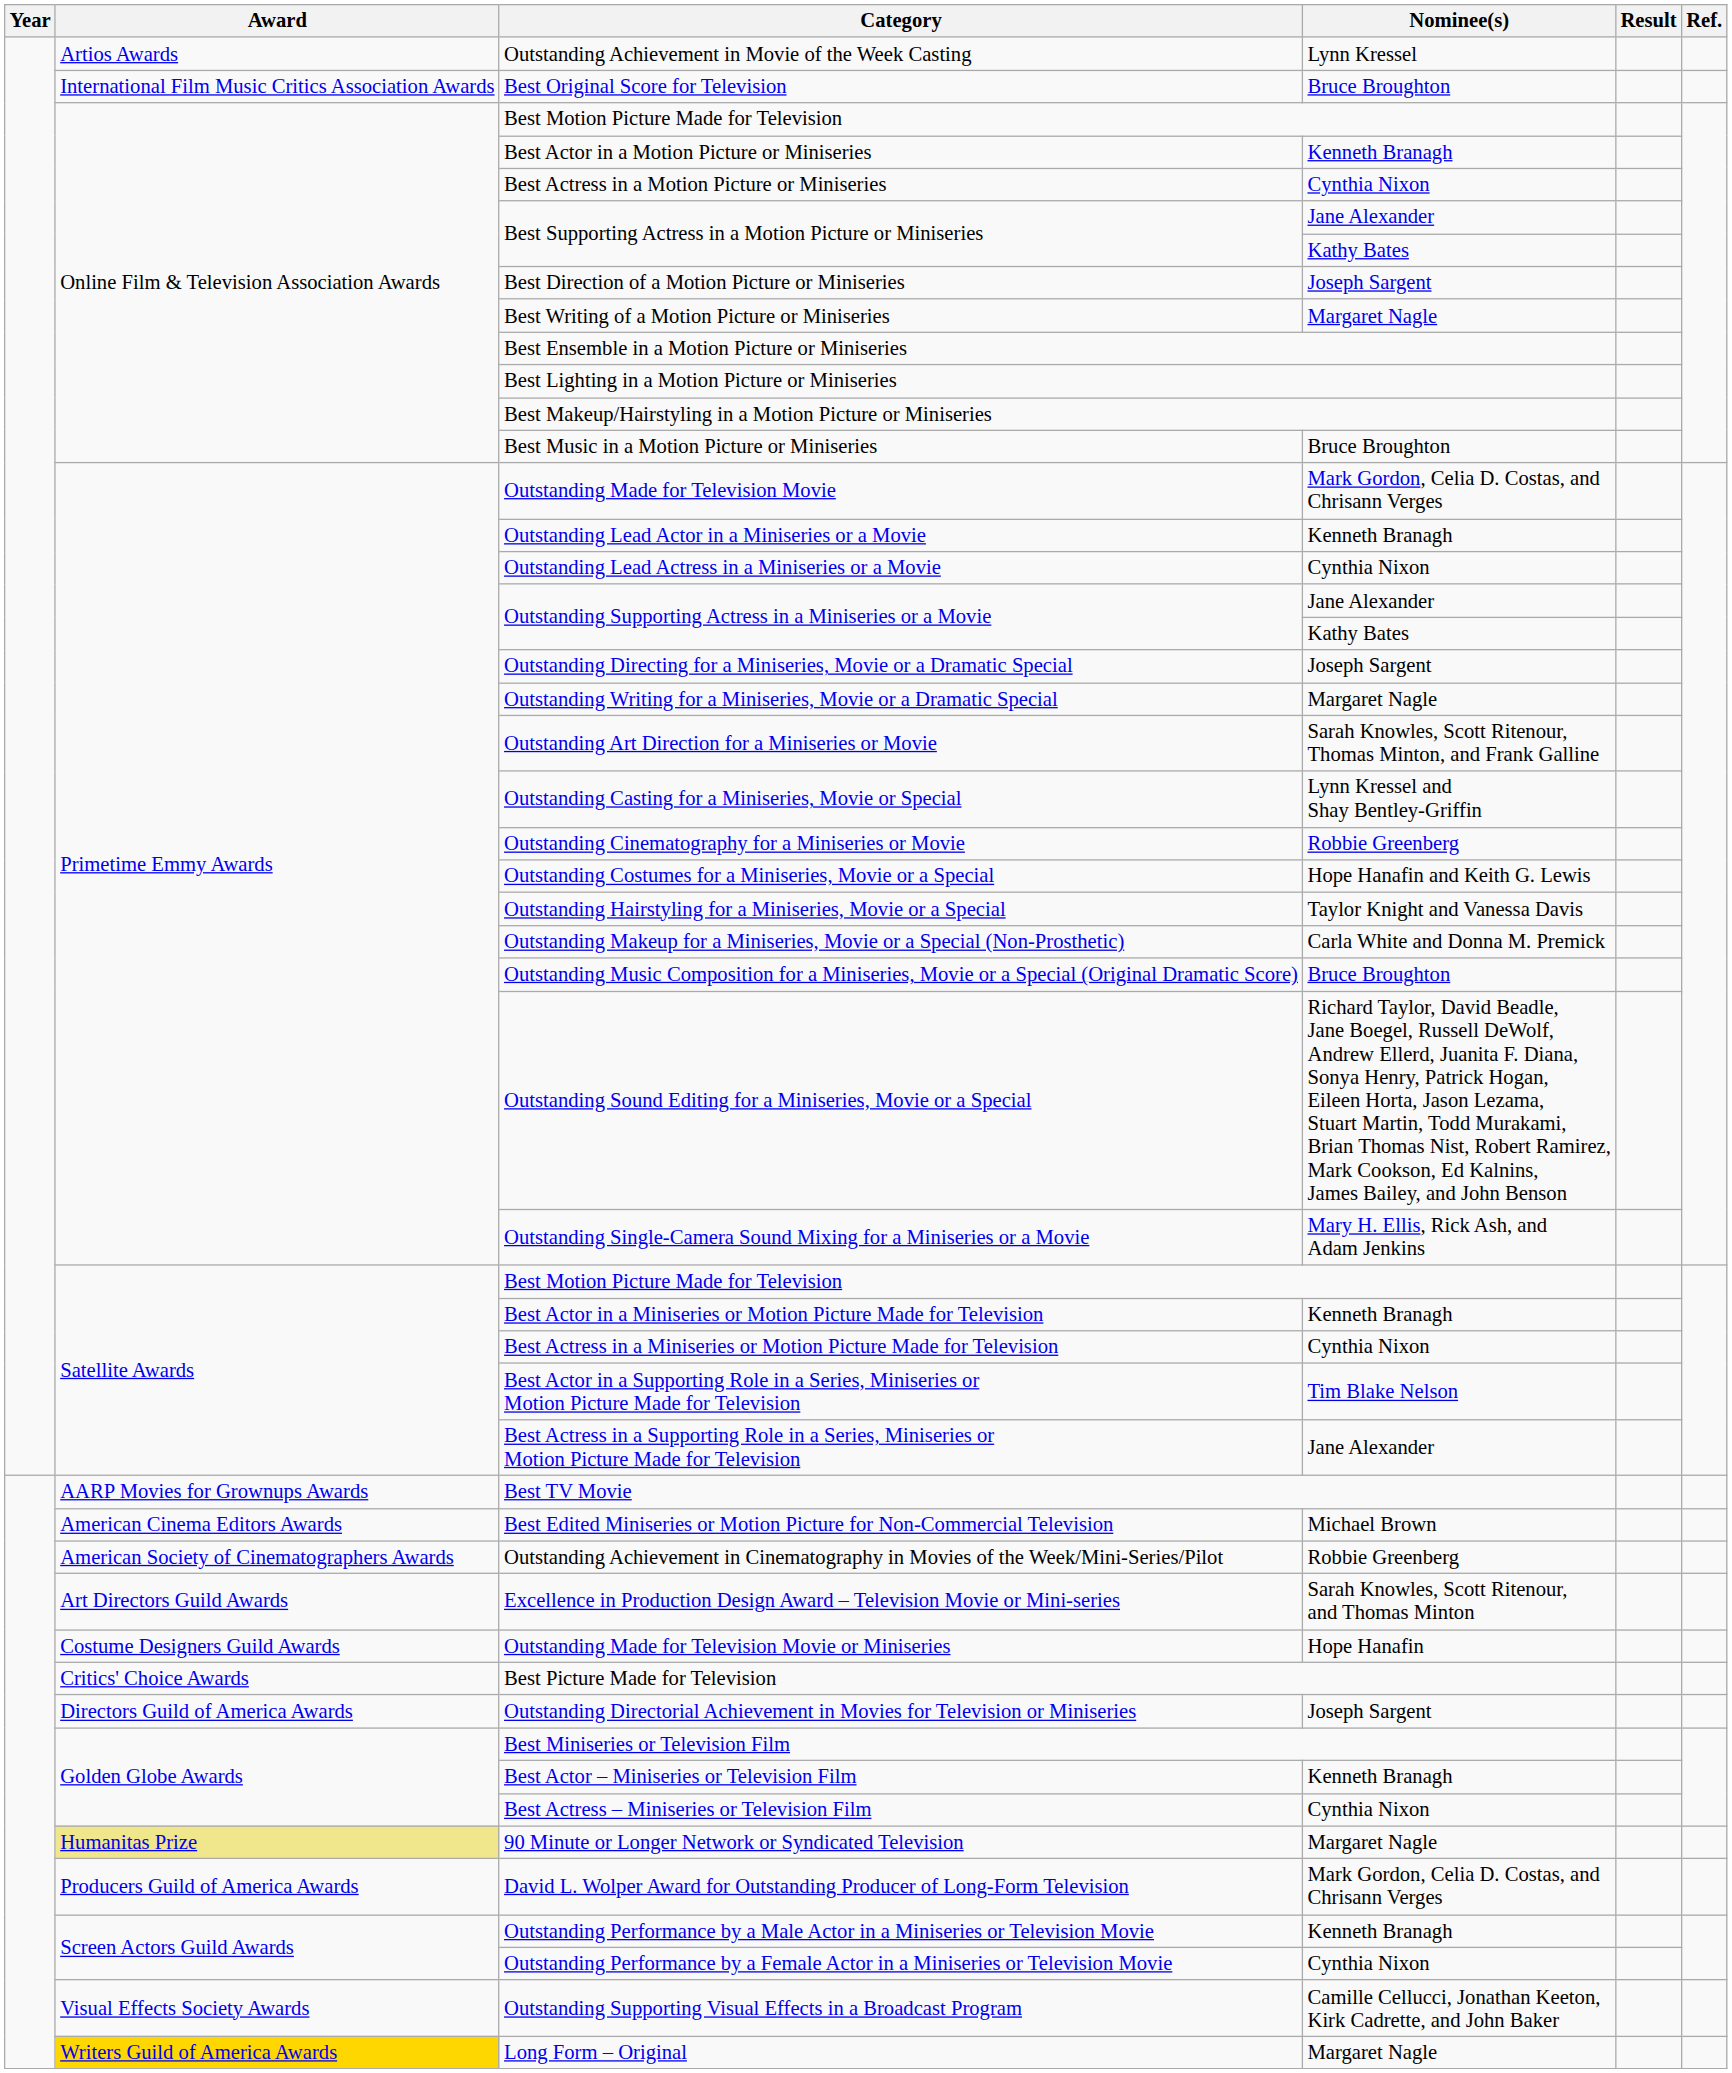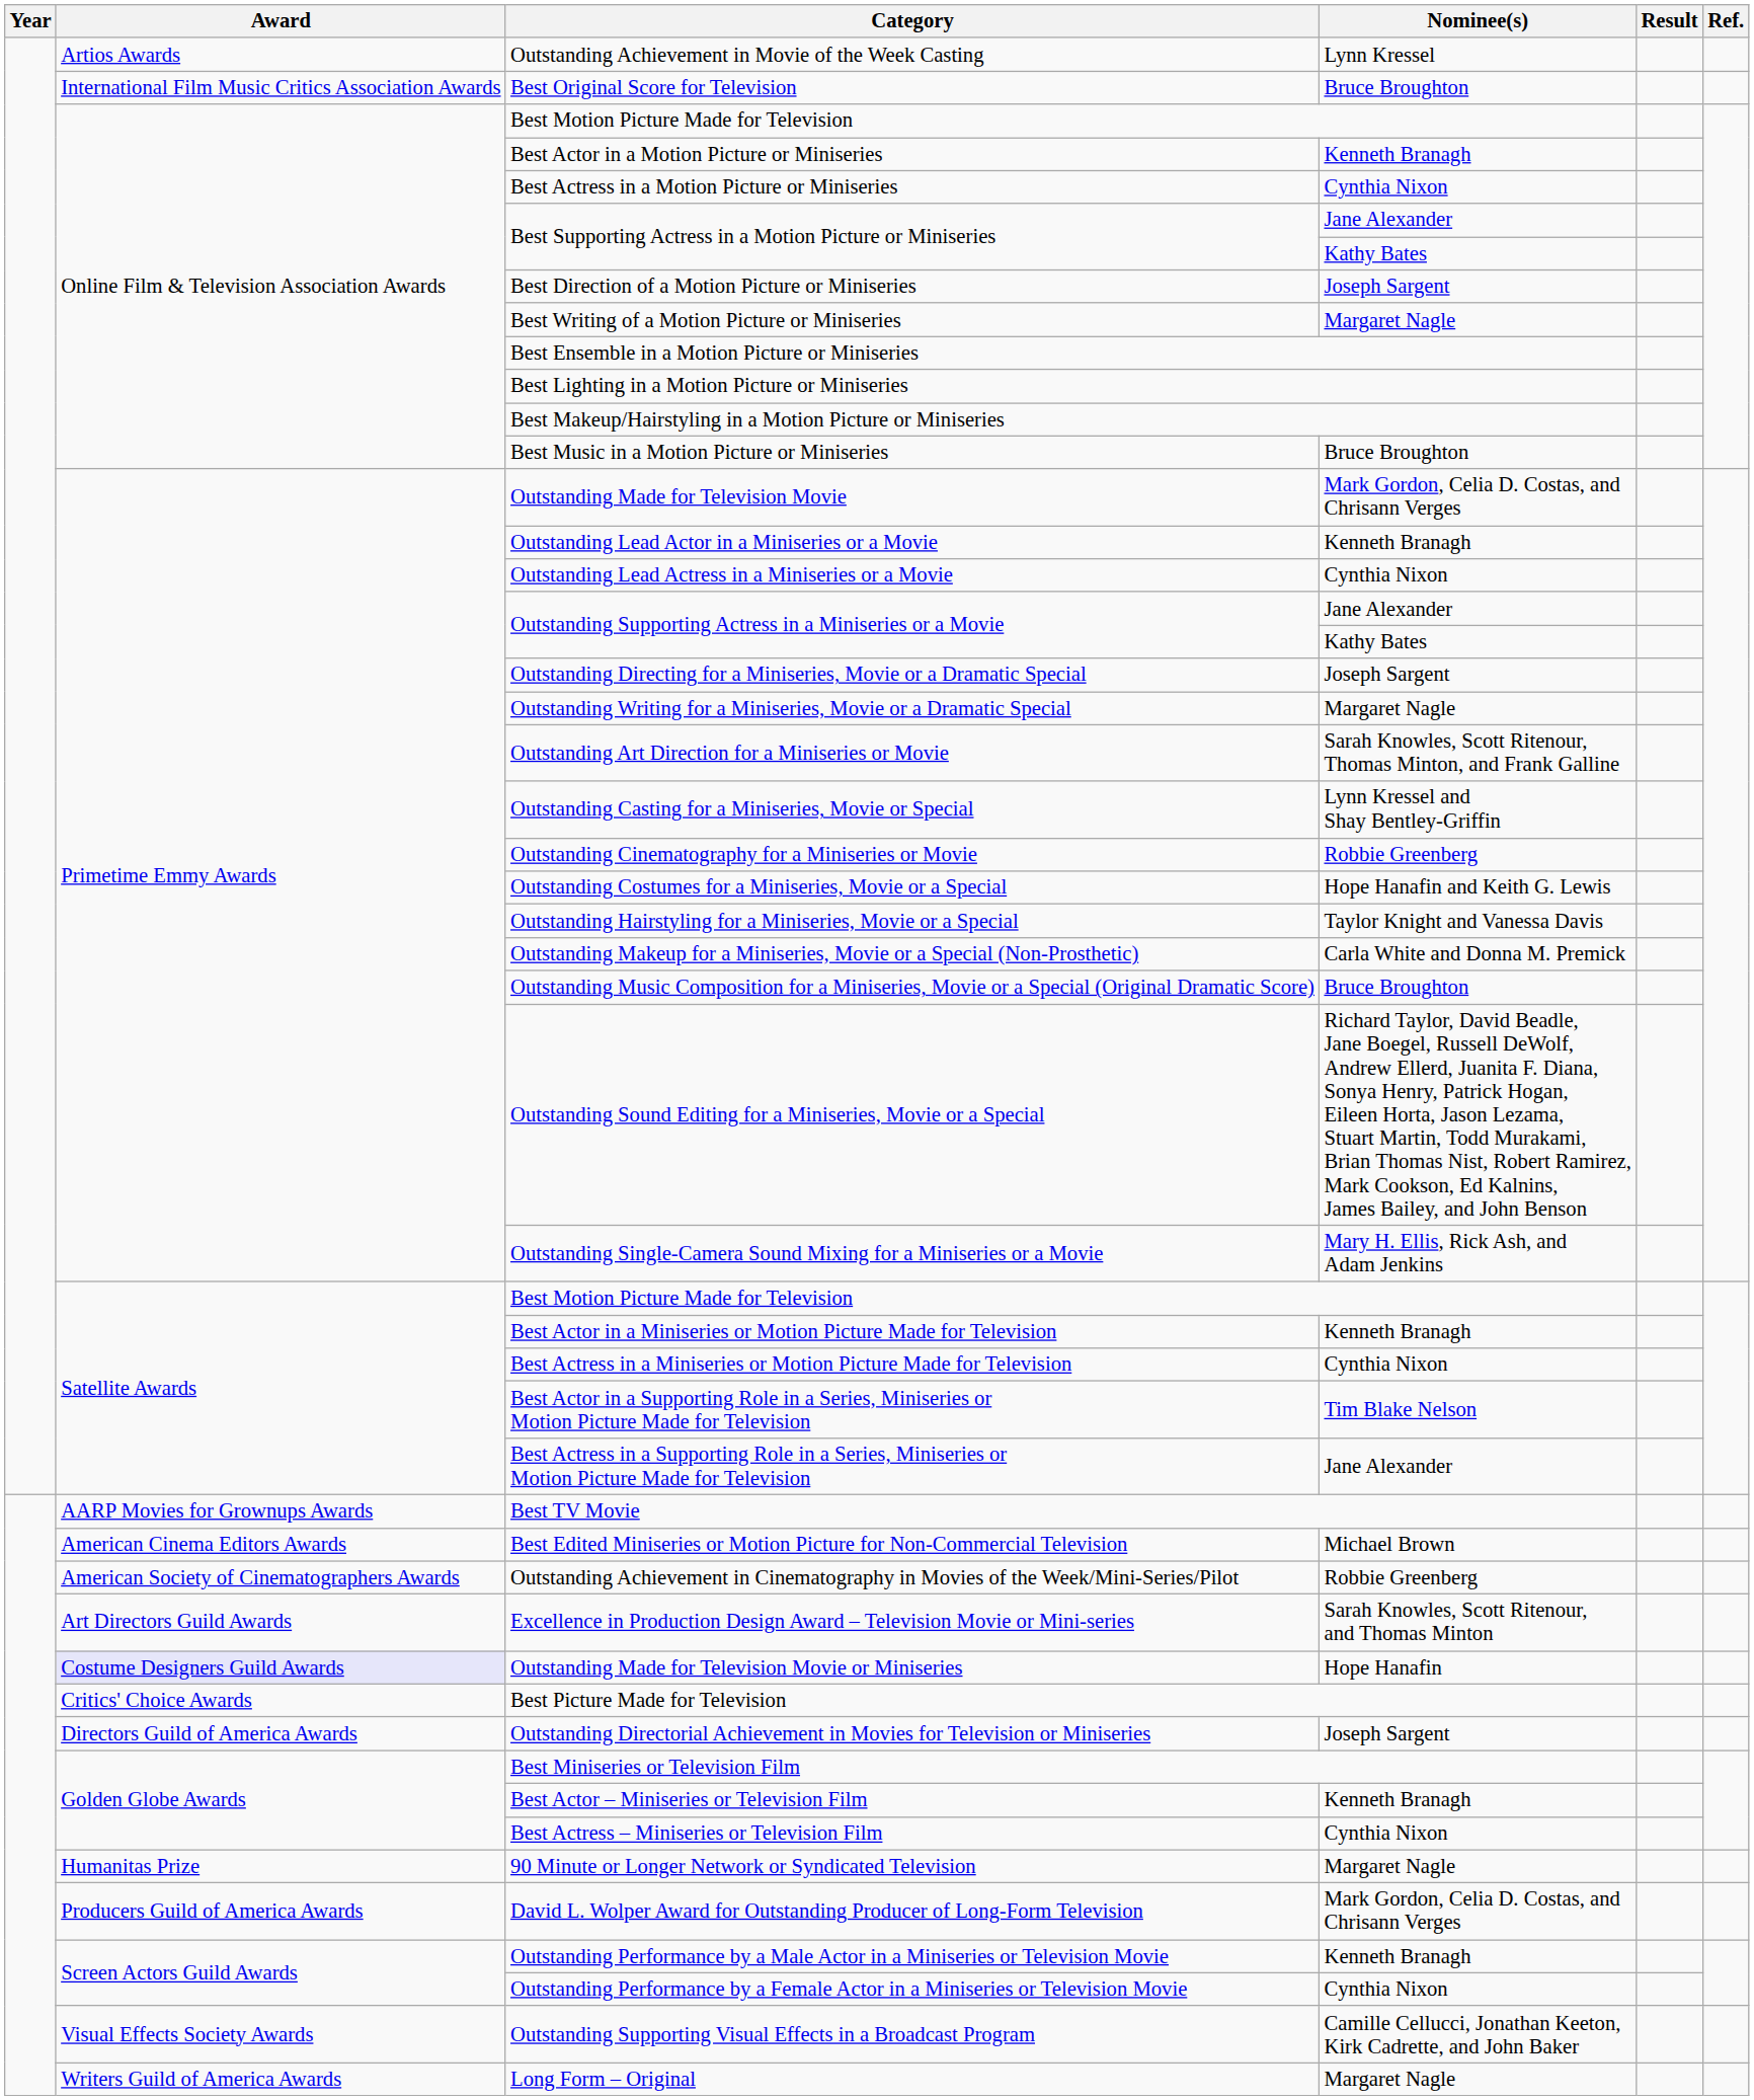 <table class="wikitable sortable">
 <tr>
 <th>Year</th>
 <th>Award</th>
 <th>Category</th>
 <th>Nominee(s)</th>
 <th>Result</th>
 <th>Ref.</th>
 </tr>
 <tr>
 <td rowspan="34"></td>
 <td><a href='#'>Artios Awards</a></td>
 <td>Outstanding Achievement in Movie of the Week Casting</td>
 <td>Lynn Kressel</td>
 <td></td>
 <td align="center"></td>
 </tr>
 <tr>
 <td><a href='#'>International Film Music Critics Association Awards</a></td>
 <td><a href='#'>Best Original Score for Television</a></td>
 <td><a href='#'>Bruce Broughton</a></td>
 <td></td>
 <td align="center"></td>
 </tr>
 <tr>
 <td rowspan="11">Online Film & Television Association Awards</td>
 <td colspan="2">Best Motion Picture Made for Television</td>
 <td></td>
 <td align="center" rowspan="11"></td>
 </tr>
 <tr>
 <td>Best Actor in a Motion Picture or Miniseries</td>
 <td><a href='#'>Kenneth Branagh</a></td>
 <td></td>
 </tr>
 <tr>
 <td>Best Actress in a Motion Picture or Miniseries</td>
 <td><a href='#'>Cynthia Nixon</a></td>
 <td></td>
 </tr>
 <tr>
 <td rowspan="2">Best Supporting Actress in a Motion Picture or Miniseries</td>
 <td><a href='#'>Jane Alexander</a></td>
 <td></td>
 </tr>
 <tr>
 <td><a href='#'>Kathy Bates</a></td>
 <td></td>
 </tr>
 <tr>
 <td>Best Direction of a Motion Picture or Miniseries</td>
 <td><a href='#'>Joseph Sargent</a></td>
 <td></td>
 </tr>
 <tr>
 <td>Best Writing of a Motion Picture or Miniseries</td>
 <td><a href='#'>Margaret Nagle</a></td>
 <td></td>
 </tr>
 <tr>
 <td colspan="2">Best Ensemble in a Motion Picture or Miniseries</td>
 <td></td>
 </tr>
 <tr>
 <td colspan="2">Best Lighting in a Motion Picture or Miniseries</td>
 <td></td>
 </tr>
 <tr>
 <td colspan="2">Best Makeup/Hairstyling in a Motion Picture or Miniseries</td>
 <td></td>
 </tr>
 <tr>
 <td>Best Music in a Motion Picture or Miniseries</td>
 <td>Bruce Broughton</td>
 <td></td>
 </tr>
 <tr>
 <td rowspan="16"><a href='#'>Primetime Emmy Awards</a></td>
 <td><a href='#'>Outstanding Made for Television Movie</a></td>
 <td><a href='#'>Mark Gordon</a>, Celia D. Costas, and <br> Chrisann Verges</td>
 <td></td>
 <td align="center" rowspan="16"></td>
 </tr>
 <tr>
 <td><a href='#'>Outstanding Lead Actor in a Miniseries or a Movie</a></td>
 <td>Kenneth Branagh</td>
 <td></td>
 </tr>
 <tr>
 <td><a href='#'>Outstanding Lead Actress in a Miniseries or a Movie</a></td>
 <td>Cynthia Nixon</td>
 <td></td>
 </tr>
 <tr>
 <td rowspan="2"><a href='#'>Outstanding Supporting Actress in a Miniseries or a Movie</a></td>
 <td>Jane Alexander</td>
 <td></td>
 </tr>
 <tr>
 <td>Kathy Bates</td>
 <td></td>
 </tr>
 <tr>
 <td><a href='#'>Outstanding Directing for a Miniseries, Movie or a Dramatic Special</a></td>
 <td>Joseph Sargent</td>
 <td></td>
 </tr>
 <tr>
 <td><a href='#'>Outstanding Writing for a Miniseries, Movie or a Dramatic Special</a></td>
 <td>Margaret Nagle</td>
 <td></td>
 </tr>
 <tr>
 <td><a href='#'>Outstanding Art Direction for a Miniseries or Movie</a></td>
 <td>Sarah Knowles, Scott Ritenour, <br> Thomas Minton, and Frank Galline</td>
 <td></td>
 </tr>
 <tr>
 <td><a href='#'>Outstanding Casting for a Miniseries, Movie or Special</a></td>
 <td>Lynn Kressel and <br> Shay Bentley-Griffin</td>
 <td></td>
 </tr>
 <tr>
 <td><a href='#'>Outstanding Cinematography for a Miniseries or Movie</a></td>
 <td><a href='#'>Robbie Greenberg</a></td>
 <td></td>
 </tr>
 <tr>
 <td><a href='#'>Outstanding Costumes for a Miniseries, Movie or a Special</a></td>
 <td>Hope Hanafin and Keith G. Lewis</td>
 <td></td>
 </tr>
 <tr>
 <td><a href='#'>Outstanding Hairstyling for a Miniseries, Movie or a Special</a></td>
 <td>Taylor Knight and Vanessa Davis</td>
 <td></td>
 </tr>
 <tr>
 <td><a href='#'>Outstanding Makeup for a Miniseries, Movie or a Special (Non-Prosthetic)</a></td>
 <td>Carla White and Donna M. Premick</td>
 <td></td>
 </tr>
 <tr>
 <td><a href='#'>Outstanding Music Composition for a Miniseries, Movie or a Special (Original Dramatic Score)</a></td>
 <td><a href='#'>Bruce Broughton</a></td>
 <td></td>
 </tr>
 <tr>
 <td><a href='#'>Outstanding Sound Editing for a Miniseries, Movie or a Special</a></td>
 <td>Richard Taylor, David Beadle, <br> Jane Boegel, Russell DeWolf, <br> Andrew Ellerd, Juanita F. Diana, <br> Sonya Henry, Patrick Hogan, <br> Eileen Horta, Jason Lezama, <br> Stuart Martin, Todd Murakami, <br> Brian Thomas Nist, Robert Ramirez, <br> Mark Cookson, Ed Kalnins, <br> James Bailey, and John Benson</td>
 <td></td>
 </tr>
 <tr>
 <td><a href='#'>Outstanding Single-Camera Sound Mixing for a Miniseries or a Movie</a></td>
 <td><a href='#'>Mary H. Ellis</a>, Rick Ash, and <br> Adam Jenkins</td>
 <td></td>
 </tr>
 <tr>
 <td rowspan="5"><a href='#'>Satellite Awards</a></td>
 <td colspan="2"><a href='#'>Best Motion Picture Made for Television</a></td>
 <td></td>
 <td align="center" rowspan="5"></td>
 </tr>
 <tr>
 <td><a href='#'>Best Actor in a Miniseries or Motion Picture Made for Television</a></td>
 <td>Kenneth Branagh</td>
 <td></td>
 </tr>
 <tr>
 <td><a href='#'>Best Actress in a Miniseries or Motion Picture Made for Television</a></td>
 <td>Cynthia Nixon</td>
 <td></td>
 </tr>
 <tr>
 <td><a href='#'>Best Actor in a Supporting Role in a Series, Miniseries or <br> Motion Picture Made for Television</a></td>
 <td><a href='#'>Tim Blake Nelson</a></td>
 <td></td>
 </tr>
 <tr>
 <td><a href='#'>Best Actress in a Supporting Role in a Series, Miniseries or <br> Motion Picture Made for Television</a></td>
 <td>Jane Alexander</td>
 <td></td>
 </tr>
 <tr>
 <td rowspan="16"></td>
 <td><a href='#'>AARP Movies for Grownups Awards</a></td>
 <td colspan="2"><a href='#'>Best TV Movie</a></td>
 <td></td>
 <td align="center"></td>
 </tr>
 <tr>
 <td><a href='#'>American Cinema Editors Awards</a></td>
 <td><a href='#'>Best Edited Miniseries or Motion Picture for Non-Commercial Television</a></td>
 <td>Michael Brown</td>
 <td></td>
 <td align="center"></td>
 </tr>
 <tr>
 <td><a href='#'>American Society of Cinematographers Awards</a></td>
 <td>Outstanding Achievement in Cinematography in Movies of the Week/Mini-Series/Pilot</td>
 <td>Robbie Greenberg</td>
 <td></td>
 <td align="center"></td>
 </tr>
 <tr>
 <td><a href='#'>Art Directors Guild Awards</a></td>
 <td><a href='#'>Excellence in Production Design Award – Television Movie or Mini-series</a></td>
 <td>Sarah Knowles, Scott Ritenour, <br> and Thomas Minton</td>
 <td></td>
 <td align="center"></td>
 </tr>
 <tr>
-<td><a href='#'>Costume Designers Guild Awards</a></td>
+<td style="background: lavender;"><a href='#'>Costume Designers Guild Awards</a></td>
 <td><a href='#'>Outstanding Made for Television Movie or Miniseries</a></td>
 <td>Hope Hanafin</td>
 <td></td>
 <td align="center"></td>
 </tr>
 <tr>
 <td><a href='#'>Critics' Choice Awards</a></td>
 <td colspan="2">Best Picture Made for Television</td>
 <td></td>
 <td align="center"></td>
 </tr>
 <tr>
 <td><a href='#'>Directors Guild of America Awards</a></td>
 <td><a href='#'>Outstanding Directorial Achievement in Movies for Television or Miniseries</a></td>
 <td>Joseph Sargent</td>
 <td></td>
 <td align="center"></td>
 </tr>
 <tr>
 <td rowspan="3"><a href='#'>Golden Globe Awards</a></td>
 <td colspan="2"><a href='#'>Best Miniseries or Television Film</a></td>
 <td></td>
 <td align="center" rowspan="3"></td>
 </tr>
 <tr>
 <td><a href='#'>Best Actor – Miniseries or Television Film</a></td>
 <td>Kenneth Branagh</td>
 <td></td>
 </tr>
 <tr>
 <td><a href='#'>Best Actress – Miniseries or Television Film</a></td>
 <td>Cynthia Nixon</td>
 <td></td>
 </tr>
 <tr>
-<td style="background: khaki;"><a href='#'>Humanitas Prize</a></td>
+<td><a href='#'>Humanitas Prize</a></td>
 <td><a href='#'>90 Minute or Longer Network or Syndicated Television</a></td>
 <td>Margaret Nagle</td>
 <td></td>
 <td align="center"></td>
 </tr>
 <tr>
 <td><a href='#'>Producers Guild of America Awards</a></td>
 <td><a href='#'>David L. Wolper Award for Outstanding Producer of Long-Form Television</a></td>
 <td>Mark Gordon, Celia D. Costas, and <br> Chrisann Verges</td>
 <td></td>
 <td align="center"></td>
 </tr>
 <tr>
 <td rowspan="2"><a href='#'>Screen Actors Guild Awards</a></td>
 <td><a href='#'>Outstanding Performance by a Male Actor in a Miniseries or Television Movie</a></td>
 <td>Kenneth Branagh</td>
 <td></td>
 <td align="center" rowspan="2"></td>
 </tr>
 <tr>
 <td><a href='#'>Outstanding Performance by a Female Actor in a Miniseries or Television Movie</a></td>
 <td>Cynthia Nixon</td>
 <td></td>
 </tr>
 <tr>
 <td><a href='#'>Visual Effects Society Awards</a></td>
 <td><a href='#'>Outstanding Supporting Visual Effects in a Broadcast Program</a></td>
 <td>Camille Cellucci, Jonathan Keeton, <br> Kirk Cadrette, and John Baker</td>
 <td></td>
 <td align="center"></td>
 </tr>
 <tr>
-<td style="background: gold;"><a href='#'>Writers Guild of America Awards</a></td>
+<td><a href='#'>Writers Guild of America Awards</a></td>
 <td><a href='#'>Long Form – Original</a></td>
 <td>Margaret Nagle</td>
 <td></td>
 <td align="center"></td>
 </tr>
 </table>
